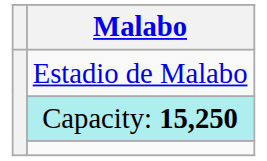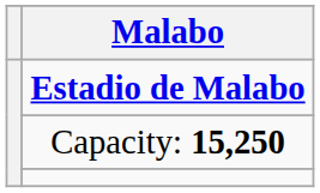 <table class="wikitable" style="text-align:center;margin:1em auto;">
 <tr>
 <th></th>
 <th colspan=2><a href='#'>Malabo</a></th>
 </tr>
 <tr>
 <th rowspan="3"></th>
-<td><a href='#'>Estadio de Malabo</a></td>
+<td><strong><a href='#'>Estadio de Malabo</a></strong></td>
 </tr>
 <tr>
-<td style="background: paleturquoise;">Capacity: <strong>15,250</strong></td>
+<td>Capacity: <strong>15,250</strong></td>
 </tr>
 <tr>
 <td></td>
 </tr>
 </table>
